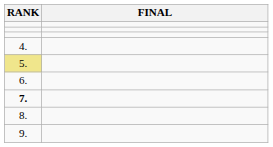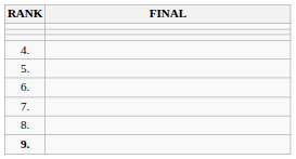 <table class="wikitable">
 <tr>
 <th>RANK</th>
 <th style="width: 20em">FINAL</th>
 </tr>
 <tr>
 <td align="center"></td>
 <td></td>
 </tr>
 <tr>
 <td align="center"></td>
 <td></td>
 </tr>
 <tr>
 <td align="center"></td>
 <td></td>
 </tr>
 <tr>
 <td align="center">4.</td>
 <td></td>
 </tr>
 <tr>
-<td align="center" style="background: khaki;">5.</td>
+<td align="center">5.</td>
 <td></td>
 </tr>
 <tr>
 <td align="center">6.</td>
 <td></td>
 </tr>
 <tr>
-<td align="center"><strong>7.</strong></td>
+<td align="center">7.</td>
 <td></td>
 </tr>
 <tr>
 <td align="center">8.</td>
 <td></td>
 </tr>
 <tr>
-<td align="center">9.</td>
+<td align="center"><strong>9.</strong></td>
 <td></td>
 </tr>
 </table>
